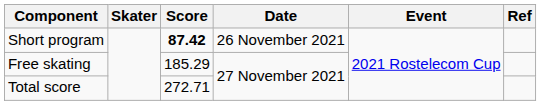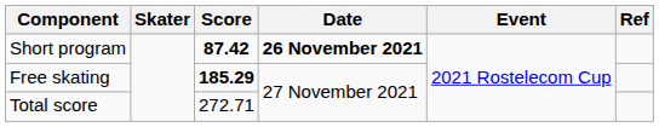 <table class="wikitable">
 <tr>
 <th>Component</th>
 <th>Skater</th>
 <th>Score</th>
 <th>Date</th>
 <th>Event</th>
 <th>Ref</th>
 </tr>
 <tr>
 <td>Short program</td>
 <td rowspan=3></td>
 <td align="center"><strong>87.42</strong></td>
-<td>26 November 2021</td>
+<td><strong>26 November 2021</strong></td>
 <td rowspan="3"><a href='#'>2021 Rostelecom Cup</a></td>
 <td></td>
 </tr>
 <tr>
 <td>Free skating</td>
-<td align="center">185.29</td>
+<td align="center"><strong>185.29</strong></td>
 <td rowspan=2>27 November 2021</td>
 <td></td>
 </tr>
 <tr>
 <td>Total score</td>
 <td align="center">272.71</td>
 <td></td>
 </tr>
 </table>
